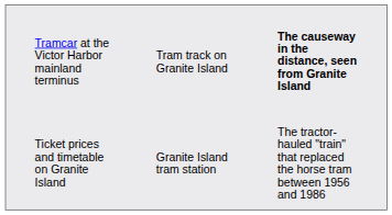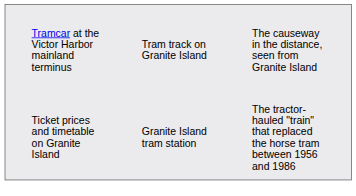 <table style="background:#EBEAED; border:1px solid dimgray; font-size: 86%;color:black" border="0" height="230" align="center" vertical-align="bottom" cellpadding=10px cellspacing=0px>
 <tr align="center">
 <td></td>
 <td></td>
 <td></td>
 <td></td>
 <td></td>
 <td></td>
 <td></td>
 </tr>
 <tr align="left" vertical-align="top">
 <td width="5"></td>
 <td width="100"><a href='#'>Tramcar</a> at the Victor Harbor mainland terminus</td>
 <td width="5"></td>
 <td width="100">Tram track on Granite Island</td>
 <td width="5"></td>
-<td width="100"><strong>The causeway in the distance, seen from Granite Island</strong></td>
+<td width="100">The causeway in the distance, seen from Granite Island</td>
 </tr>
 <tr align="center">
 <td></td>
 <td></td>
 <td></td>
 <td></td>
 <td></td>
 <td></td>
 </tr>
 <tr align="left" vertical-align="top">
 <td width="5"></td>
 <td width="100">Ticket prices and timetable on Granite Island</td>
 <td width="5"></td>
 <td width="100">Granite Island tram station</td>
 <td width="5"></td>
 <td width="100">The tractor-hauled "train" that replaced the horse tram between 1956 and 1986</td>
 </tr>
 </table>
